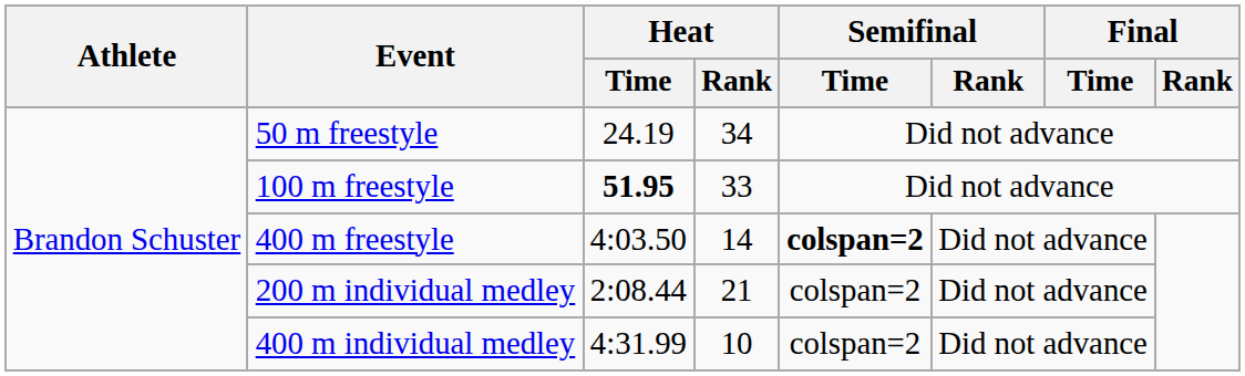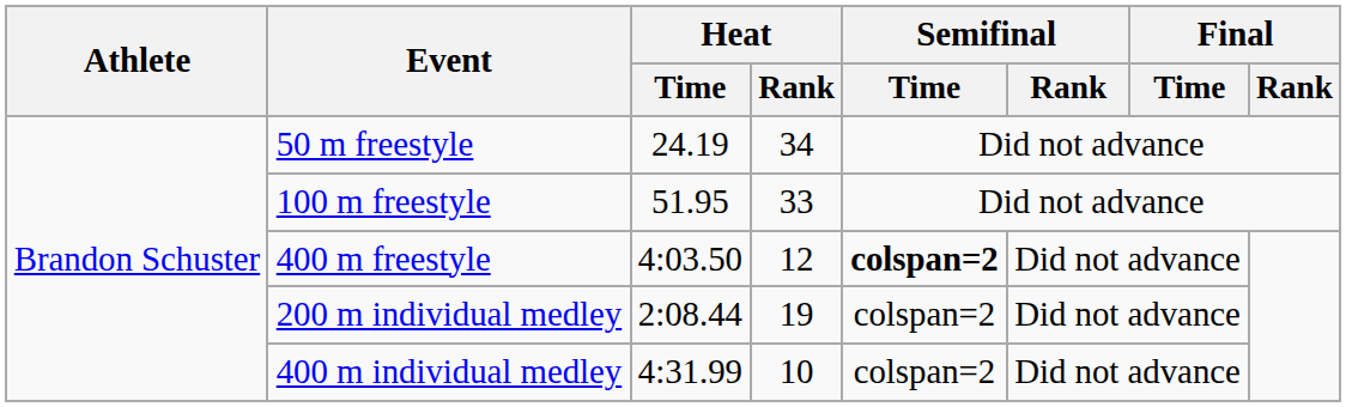 <table class=wikitable style=font-size:90%>
 <tr>
 <th rowspan=2>Athlete</th>
 <th rowspan=2>Event</th>
 <th colspan=2>Heat</th>
 <th colspan=2>Semifinal</th>
 <th colspan=2>Final</th>
 </tr>
 <tr style=font-size:95%>
 <th>Time</th>
 <th>Rank</th>
 <th>Time</th>
 <th>Rank</th>
 <th>Time</th>
 <th>Rank</th>
 </tr>
 <tr align=center>
 <td align=left rowspan=5><a href='#'>Brandon Schuster</a></td>
 <td align=left><a href='#'>50 m freestyle</a></td>
 <td>24.19</td>
 <td>34</td>
 <td colspan=4>Did not advance</td>
 </tr>
 <tr align=center>
 <td align=left><a href='#'>100 m freestyle</a></td>
-<td><strong>51.95</strong></td>
+<td>51.95</td>
 <td>33</td>
 <td colspan=4>Did not advance</td>
 </tr>
 <tr align=center>
 <td align=left><a href='#'>400 m freestyle</a></td>
 <td>4:03.50</td>
-<td>14</td>
+<td>12</td>
 <td><strong>colspan=2 </strong></td>
 <td colspan=2>Did not advance</td>
 </tr>
 <tr align=center>
 <td align=left><a href='#'>200 m individual medley</a></td>
 <td>2:08.44</td>
-<td>21</td>
+<td>19</td>
 <td>colspan=2 </td>
 <td colspan=2>Did not advance</td>
 </tr>
 <tr align=center>
 <td align=left><a href='#'>400 m individual medley</a></td>
 <td>4:31.99</td>
 <td>10</td>
 <td>colspan=2 </td>
 <td colspan=2>Did not advance</td>
 </tr>
 </table>
